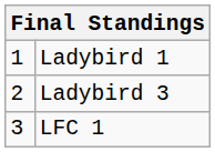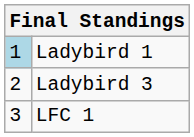 <table class="wikitable">
 <tr>
 <th colspan="2">Final Standings</th>
 </tr>
 <tr>
-<td>1</td>
+<td style="background: lightblue;">1</td>
 <td>Ladybird 1</td>
 </tr>
 <tr>
 <td>2</td>
 <td>Ladybird 3</td>
 </tr>
 <tr>
 <td>3</td>
 <td>LFC 1</td>
 </tr>
 </table>
